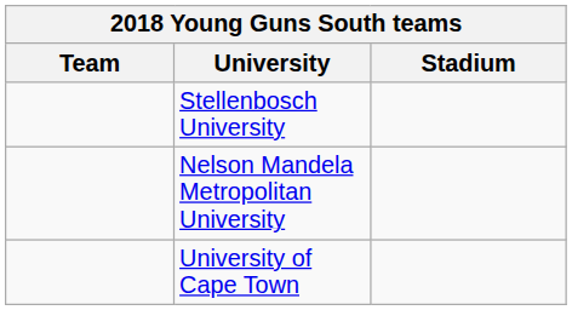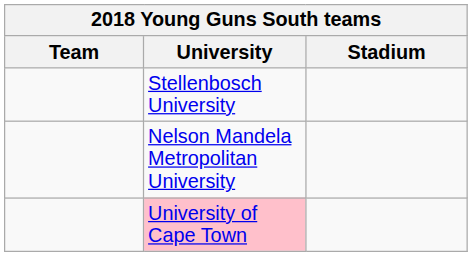 <table class="wikitable sortable" style="text-align:left; font-size:100%; width:60%">
 <tr>
 <th colspan="100%">2018 Young Guns South teams</th>
 </tr>
 <tr>
 <th style="width:30%;">Team</th>
 <th style="width:35%;">University</th>
 <th style="width:35%;">Stadium</th>
 </tr>
 <tr>
 <td></td>
 <td><a href='#'>Stellenbosch University</a></td>
 <td></td>
 </tr>
 <tr>
 <td></td>
 <td><a href='#'>Nelson Mandela Metropolitan University</a></td>
 <td></td>
 </tr>
 <tr>
 <td></td>
-<td><a href='#'>University of Cape Town</a></td>
+<td style="background: pink;"><a href='#'>University of Cape Town</a></td>
 <td></td>
 </tr>
 </table>
